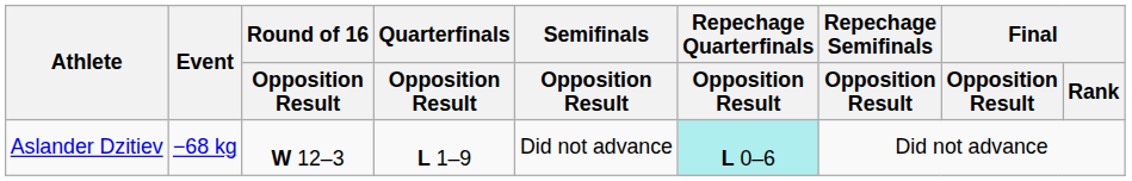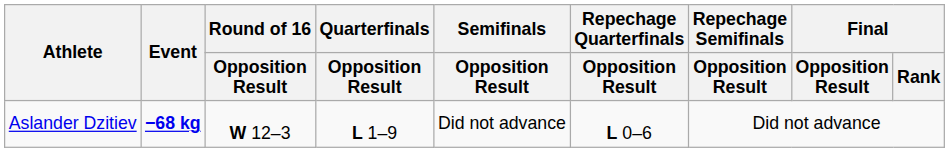 <table class="wikitable" style="font-size:90%">
 <tr>
 <th rowspan="2">Athlete</th>
 <th rowspan="2">Event</th>
 <th>Round of 16</th>
 <th>Quarterfinals</th>
 <th>Semifinals</th>
 <th>Repechage <br>Quarterfinals</th>
 <th>Repechage <br>Semifinals</th>
 <th colspan="2">Final</th>
 </tr>
 <tr>
 <th>Opposition<br>Result</th>
 <th>Opposition<br>Result</th>
 <th>Opposition<br>Result</th>
 <th>Opposition<br>Result</th>
 <th>Opposition<br>Result</th>
 <th>Opposition<br>Result</th>
 <th>Rank</th>
 </tr>
 <tr>
 <td><a href='#'>Aslander Dzitiev</a></td>
-<td><a href='#'>−68 kg</a></td>
+<td><strong><a href='#'>−68 kg</a></strong></td>
 <td align="center"><br><strong>W</strong> 12–3</td>
 <td align="center"><br><strong>L</strong> 1–9</td>
 <td colspan="1" align= center>Did not advance</td>
-<td align="center" style="background: paleturquoise;"><br><strong>L</strong> 0–6</td>
+<td align="center"><br><strong>L</strong> 0–6</td>
 <td colspan="3" align= center>Did not advance</td>
 </tr>
 </table>
